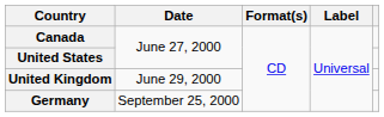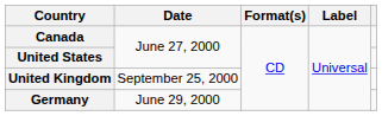 <table class="wikitable plainrowheaders" style="text-align:center;">
 <tr>
 <th>Country</th>
 <th>Date</th>
 <th>Format(s)</th>
 <th>Label</th>
 <th></th>
 </tr>
 <tr>
 <th scope="row">Canada</th>
 <td rowspan="2">June 27, 2000</td>
 <td rowspan="4"><a href='#'>CD</a></td>
 <td rowspan="4"><a href='#'>Universal</a></td>
 <td></td>
 </tr>
 <tr>
 <th scope="row">United States</th>
 <td></td>
 </tr>
 <tr>
 <th scope="row">United Kingdom</th>
-<td>June 29, 2000</td>
+<td>September 25, 2000</td>
 <td></td>
 </tr>
 <tr>
 <th scope="row">Germany</th>
-<td>September 25, 2000</td>
+<td>June 29, 2000</td>
 <td></td>
 </tr>
 </table>
